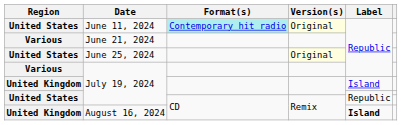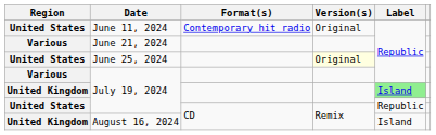 <table class="wikitable plainrowheaders">
 <tr>
 <th scope="col">Region</th>
 <th scope="col">Date</th>
 <th scope="col">Format(s)</th>
 <th scope="col">Version(s)</th>
 <th scope="col">Label</th>
 <th scope="col"></th>
 </tr>
 <tr>
 <th scope="row">United States</th>
 <td>June 11, 2024</td>
-<td style="background: paleturquoise;"><a href='#'>Contemporary hit radio</a></td>
-<td style="background: lightyellow;">Original</td>
+<td><a href='#'>Contemporary hit radio</a></td>
+<td>Original</td>
 <td rowspan="4"><a href='#'>Republic</a></td>
 <td align="center"></td>
 </tr>
 <tr>
 <th scope="row">Various</th>
 <td>June 21, 2024</td>
 <td></td>
 <td></td>
 <td align="center"></td>
 </tr>
 <tr>
 <th scope="row">United States</th>
 <td>June 25, 2024</td>
 <td></td>
 <td style="background: lightyellow;">Original</td>
 <td style="text-align:center;"></td>
 </tr>
 <tr>
 <th scope="row">Various</th>
 <td rowspan="4">July 19, 2024</td>
 <td></td>
 <td></td>
 <td align="center"></td>
 </tr>
 <tr>
 <th scope="row">United Kingdom</th>
 <td rowspan="2"></td>
 <td rowspan="2"></td>
-<td><a href='#'>Island</a></td>
+<td style="background: lightgreen;"><a href='#'>Island</a></td>
 <td align="center"></td>
 </tr>
 <tr>
 <th rowspan="2" scope="row">United States</th>
 <td rowspan="2">Republic</td>
 <td align="center"></td>
 </tr>
 <tr>
 <td rowspan="2">CD</td>
 <td rowspan="2">Remix</td>
 <td align="center"></td>
 </tr>
 <tr>
 <th scope="row">United Kingdom</th>
 <td>August 16, 2024</td>
-<td><strong>Island</strong></td>
+<td>Island</td>
 <td align="center"></td>
 </tr>
 </table>
